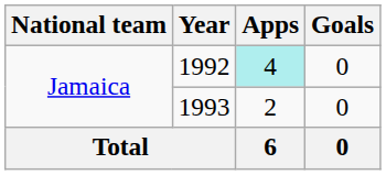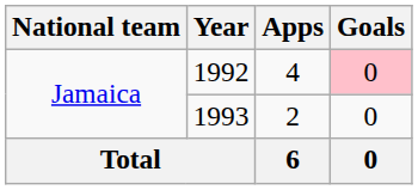 <table class="wikitable" style="text-align:center">
 <tr>
 <th>National team</th>
 <th>Year</th>
 <th>Apps</th>
 <th>Goals</th>
 </tr>
 <tr>
 <td rowspan="2"><a href='#'>Jamaica</a></td>
 <td>1992</td>
-<td style="background: paleturquoise;">4</td>
-<td>0</td>
+<td>4</td>
+<td style="background: pink;">0</td>
 </tr>
 <tr>
 <td>1993</td>
 <td>2</td>
 <td>0</td>
 </tr>
 <tr>
 <th colspan="2">Total</th>
 <th>6</th>
 <th>0</th>
 </tr>
 </table>
